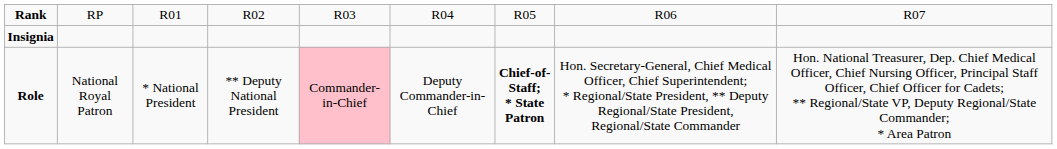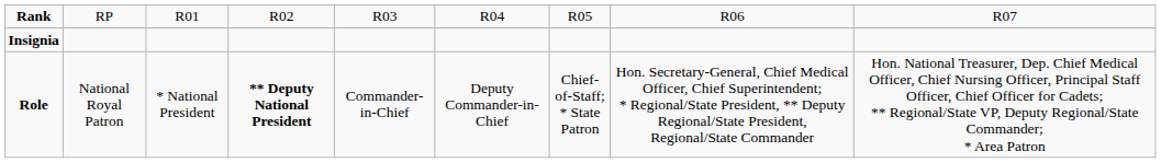 <table class="wikitable" style="text-align:center">
 <tr>
 <td><strong>Rank</strong></td>
 <td>RP</td>
 <td>R01</td>
 <td>R02</td>
 <td>R03</td>
 <td>R04</td>
 <td>R05</td>
 <td>R06</td>
 <td>R07</td>
 </tr>
 <tr>
 <td><strong>Insignia</strong></td>
 <td></td>
 <td></td>
 <td></td>
 <td></td>
 <td></td>
 <td></td>
 <td></td>
 <td></td>
 </tr>
 <tr>
 <td><strong>Role</strong></td>
 <td>National Royal Patron</td>
 <td>* National President</td>
-<td>** Deputy National President</td>
-<td style="background: pink;">Commander-in-Chief</td>
+<td><strong>** Deputy National President</strong></td>
+<td>Commander-in-Chief</td>
 <td>Deputy Commander-in-Chief</td>
-<td><strong>Chief-of-Staff;<br>* State Patron</strong></td>
+<td>Chief-of-Staff;<br>* State Patron</td>
 <td>Hon. Secretary-General, Chief Medical Officer, Chief Superintendent;<br>* Regional/State President, ** Deputy Regional/State President, Regional/State Commander</td>
 <td>Hon. National Treasurer, Dep. Chief Medical Officer, Chief Nursing Officer, Principal Staff Officer, Chief Officer for Cadets;<br>** Regional/State VP, Deputy Regional/State Commander;<br>* Area Patron</td>
 </tr>
 </table>
